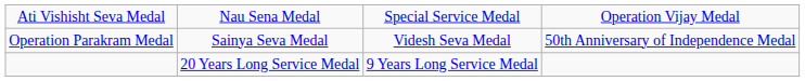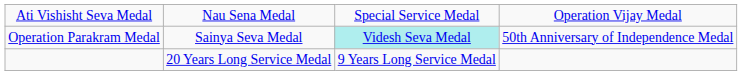 <table class="wikitable" style="margin:1em auto; text-align:center;">
 <tr>
 <td><a href='#'>Ati Vishisht Seva Medal</a></td>
 <td><a href='#'>Nau Sena Medal</a></td>
 <td><a href='#'>Special Service Medal</a></td>
 <td><a href='#'>Operation Vijay Medal</a></td>
 </tr>
 <tr>
 <td><a href='#'>Operation Parakram Medal</a></td>
 <td><a href='#'>Sainya Seva Medal</a></td>
-<td><a href='#'>Videsh Seva Medal</a></td>
+<td style="background: paleturquoise;"><a href='#'>Videsh Seva Medal</a></td>
 <td><a href='#'>50th Anniversary of Independence Medal</a></td>
 </tr>
 <tr>
 <td></td>
 <td><a href='#'>20 Years Long Service Medal</a></td>
 <td><a href='#'>9 Years Long Service Medal</a></td>
 <td></td>
 </tr>
 </table>
